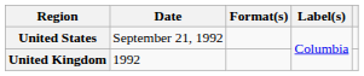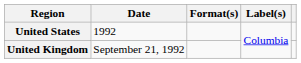 <table class="wikitable plainrowheaders">
 <tr>
 <th scope="col">Region</th>
 <th scope="col">Date</th>
 <th scope="col">Format(s)</th>
 <th scope="col">Label(s)</th>
 <th scope="col"></th>
 </tr>
 <tr>
 <th scope="row">United States</th>
-<td>September 21, 1992</td>
+<td>1992</td>
 <td></td>
 <td rowspan="2"><a href='#'>Columbia</a></td>
 </tr>
 <tr>
 <th scope="row">United Kingdom</th>
-<td>1992</td>
+<td>September 21, 1992</td>
 <td></td>
 <td></td>
 </tr>
 </table>
